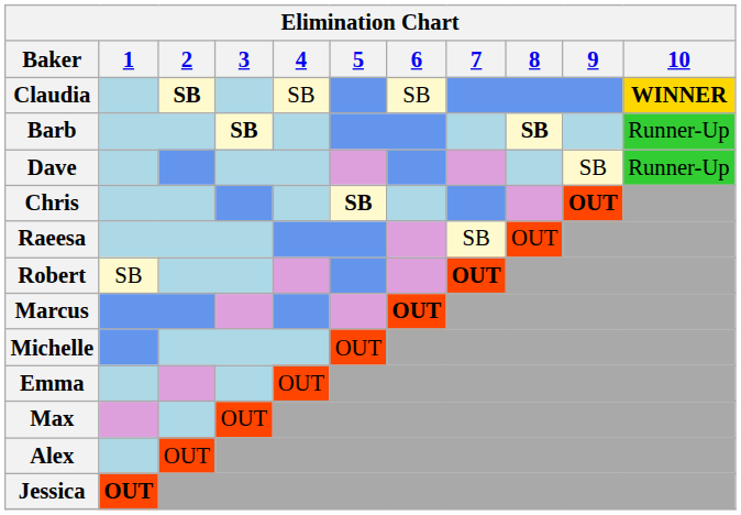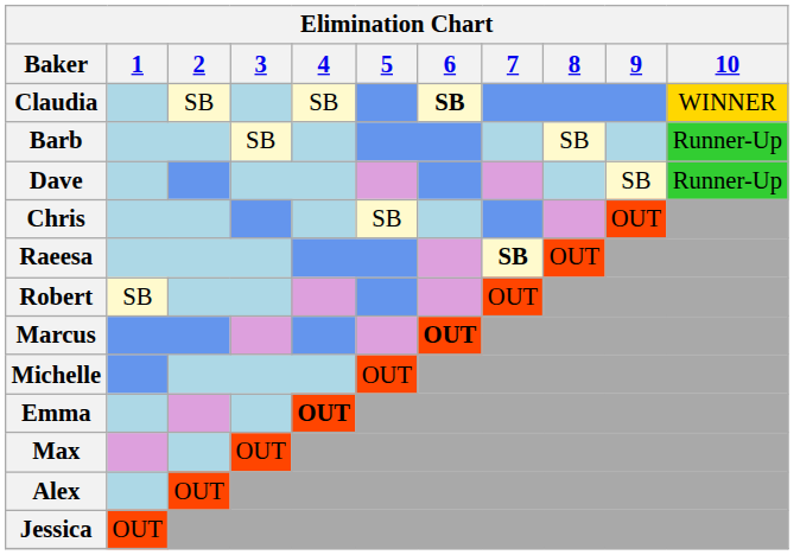 <table class="wikitable" style="text-align:center">
 <tr>
 <th colspan="11">Elimination Chart</th>
 </tr>
 <tr>
 <th>Baker</th>
 <th><a href='#'>1</a></th>
 <th><a href='#'>2</a></th>
 <th><a href='#'>3</a></th>
 <th><a href='#'>4</a></th>
 <th><a href='#'>5</a></th>
 <th><a href='#'>6</a></th>
 <th><a href='#'>7</a></th>
 <th><a href='#'>8</a></th>
 <th><a href='#'>9</a></th>
 <th><a href='#'>10</a></th>
 </tr>
 <tr>
 <th>Claudia</th>
 <td style="background:LightBlue;"></td>
-<td style="background:LemonChiffon;"><strong>SB</strong></td>
+<td style="background:LemonChiffon;">SB</td>
 <td style="background:LightBlue;"></td>
 <td style="background:LemonChiffon;">SB</td>
 <td style="background:CornflowerBlue;"></td>
-<td style="background:LemonChiffon;">SB</td>
+<td style="background:LemonChiffon;"><strong>SB</strong></td>
 <td colspan="3" style="background:CornflowerBlue;"></td>
-<td style="background:Gold;"><strong>WINNER</strong></td>
+<td style="background:Gold;">WINNER</td>
 </tr>
 <tr>
 <th>Barb</th>
 <td colspan="2" style="background:LightBlue;"></td>
-<td style="background:LemonChiffon;"><strong>SB</strong></td>
+<td style="background:LemonChiffon;">SB</td>
 <td style="background:LightBlue;"></td>
 <td colspan="2" style="background:CornflowerBlue;"></td>
 <td style="background:LightBlue;"></td>
-<td style="background:LemonChiffon;"><strong>SB</strong></td>
+<td style="background:LemonChiffon;">SB</td>
 <td style="background:LightBlue;"></td>
 <td style="background:LimeGreen;">Runner-Up</td>
 </tr>
 <tr>
 <th>Dave</th>
 <td style="background:LightBlue;"></td>
 <td style="background:CornflowerBlue;"></td>
 <td colspan="2" style="background:LightBlue;"></td>
 <td style="background:Plum;"></td>
 <td style="background:CornflowerBlue;"></td>
 <td style="background:Plum;"></td>
 <td style="background:LightBlue;"></td>
 <td style="background:LemonChiffon;">SB</td>
 <td style="background:LimeGreen;">Runner-Up</td>
 </tr>
 <tr>
 <th>Chris</th>
 <td colspan="2" style="background:LightBlue;"></td>
 <td style="background:CornflowerBlue;"></td>
 <td style="background:LightBlue;"></td>
-<td style="background:LemonChiffon;"><strong>SB</strong></td>
+<td style="background:LemonChiffon;">SB</td>
 <td style="background:LightBlue;"></td>
 <td style="background:CornflowerBlue;"></td>
 <td style="background:Plum;"></td>
-<td style="background:OrangeRed;"><strong>OUT</strong></td>
+<td style="background:OrangeRed;">OUT</td>
 <td colspan="9" style="background:DarkGrey;"></td>
 </tr>
 <tr>
 <th>Raeesa</th>
 <td colspan="3" style="background:LightBlue;"></td>
 <td colspan="2" style="background:CornflowerBlue;"></td>
 <td style="background:Plum;"></td>
-<td style="background:LemonChiffon;">SB</td>
+<td style="background:LemonChiffon;"><strong>SB</strong></td>
 <td style="background:OrangeRed;">OUT</td>
 <td colspan="9" style="background:DarkGrey;"></td>
 </tr>
 <tr>
 <th>Robert</th>
 <td style="background:LemonChiffon;">SB</td>
 <td colspan="2" style="background:LightBlue;"></td>
 <td style="background:Plum;"></td>
 <td style="background:CornflowerBlue;"></td>
 <td style="background:Plum;"></td>
-<td style="background:OrangeRed;"><strong>OUT</strong></td>
+<td style="background:OrangeRed;">OUT</td>
 <td colspan="9" style="background:DarkGrey;"></td>
 </tr>
 <tr>
 <th>Marcus</th>
 <td colspan="2" style="background:CornflowerBlue;"></td>
 <td style="background:Plum;"></td>
 <td style="background:CornflowerBlue;"></td>
 <td style="background:Plum;"></td>
 <td style="background:OrangeRed;"><strong>OUT</strong></td>
 <td colspan="9" style="background:DarkGrey;"></td>
 </tr>
 <tr>
 <th>Michelle</th>
 <td style="background:CornflowerBlue;"></td>
 <td colspan="3" style="background:LightBlue;"></td>
 <td style="background:OrangeRed;">OUT</td>
 <td colspan="9" style="background:DarkGrey;"></td>
 </tr>
 <tr>
 <th>Emma</th>
 <td style="background:LightBlue;"></td>
 <td style="background:Plum;"></td>
 <td style="background:LightBlue;"></td>
-<td style="background:OrangeRed;">OUT</td>
+<td style="background:OrangeRed;"><strong>OUT</strong></td>
 <td colspan="9" style="background:DarkGrey;"></td>
 </tr>
 <tr>
 <th>Max</th>
 <td style="background:Plum;"></td>
 <td style="background:LightBlue;"></td>
 <td style="background:OrangeRed;">OUT</td>
 <td colspan="9" style="background:DarkGrey;"></td>
 </tr>
 <tr>
 <th>Alex</th>
 <td style="background:LightBlue;"></td>
 <td style="background:OrangeRed;">OUT</td>
 <td colspan="9" style="background:DarkGrey;"></td>
 </tr>
 <tr>
 <th>Jessica</th>
-<td style="background:OrangeRed;"><strong>OUT</strong></td>
+<td style="background:OrangeRed;">OUT</td>
 <td colspan="9" style="background:DarkGrey;"></td>
 </tr>
 <tr>
 </tr>
 </table>
